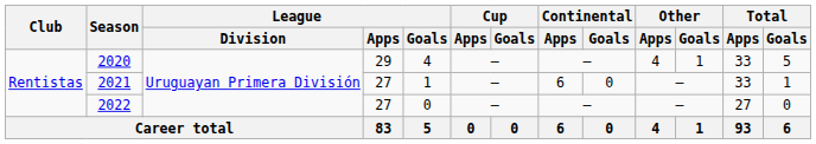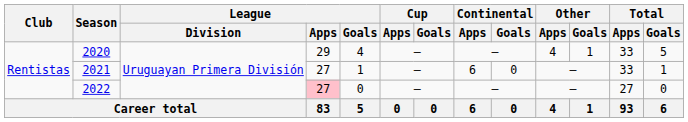 <table class="wikitable" Style="text-align: center">
 <tr>
 <th rowspan="2">Club</th>
 <th rowspan="2">Season</th>
 <th colspan="3">League</th>
 <th colspan="2">Cup</th>
 <th colspan="2">Continental</th>
 <th colspan="2">Other</th>
 <th colspan="2">Total</th>
 </tr>
 <tr>
 <th>Division</th>
 <th>Apps</th>
 <th>Goals</th>
 <th>Apps</th>
 <th>Goals</th>
 <th>Apps</th>
 <th>Goals</th>
 <th>Apps</th>
 <th>Goals</th>
 <th>Apps</th>
 <th>Goals</th>
 </tr>
 <tr>
 <td rowspan="3"><a href='#'>Rentistas</a></td>
 <td><a href='#'>2020</a></td>
 <td rowspan="3"><a href='#'>Uruguayan Primera División</a></td>
 <td>29</td>
 <td>4</td>
 <td colspan="2">—</td>
 <td colspan="2">—</td>
 <td>4</td>
 <td>1</td>
 <td>33</td>
 <td>5</td>
 </tr>
 <tr>
 <td><a href='#'>2021</a></td>
 <td>27</td>
 <td>1</td>
 <td colspan="2">–</td>
 <td>6</td>
 <td>0</td>
 <td colspan="2">—</td>
 <td>33</td>
 <td>1</td>
 </tr>
 <tr>
 <td><a href='#'>2022</a></td>
-<td>27</td>
+<td style="background: pink;">27</td>
 <td>0</td>
 <td colspan="2">—</td>
 <td colspan="2">—</td>
 <td colspan="2">—</td>
 <td>27</td>
 <td>0</td>
 </tr>
 <tr>
 <th colspan="3">Career total</th>
 <th>83</th>
 <th>5</th>
 <th>0</th>
 <th>0</th>
 <th>6</th>
 <th>0</th>
 <th>4</th>
 <th>1</th>
 <th>93</th>
 <th>6</th>
 </tr>
 </table>
